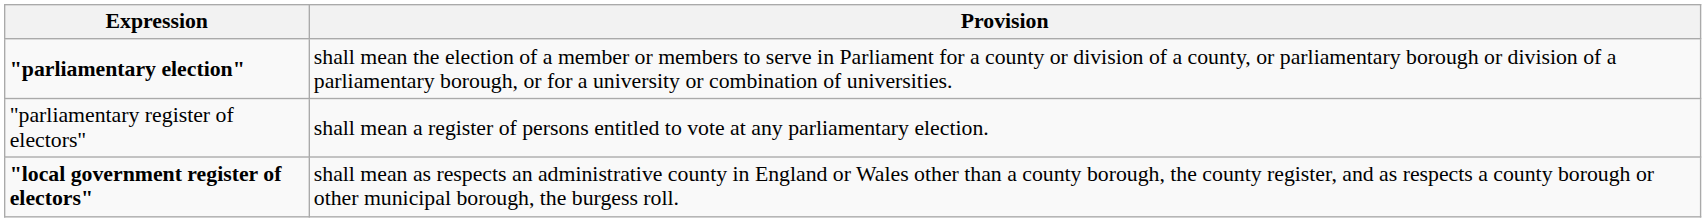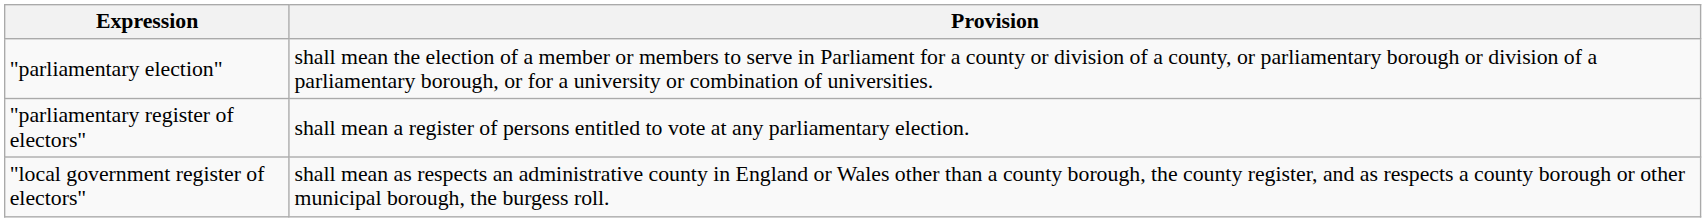 <table class="wikitable">
 <tr>
 <th>Expression</th>
 <th>Provision</th>
 </tr>
 <tr>
-<td><strong>"parliamentary election"</strong></td>
+<td>"parliamentary election"</td>
 <td>shall mean the election of a member or members to serve in Parliament for a county or division of a county, or parliamentary borough or division of a parliamentary borough, or for a university or combination of universities.</td>
 </tr>
 <tr>
 <td>"parliamentary register of electors"</td>
 <td>shall mean a register of persons entitled to vote at any parliamentary election.</td>
 </tr>
 <tr>
-<td><strong>"local government register of electors"</strong></td>
+<td>"local government register of electors"</td>
 <td>shall mean as respects an administrative county in England or Wales other than a county borough, the county register, and as respects a county borough or other municipal borough, the burgess roll.</td>
 </tr>
 </table>
